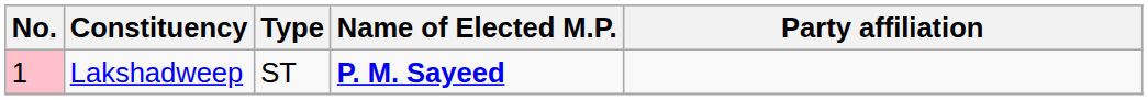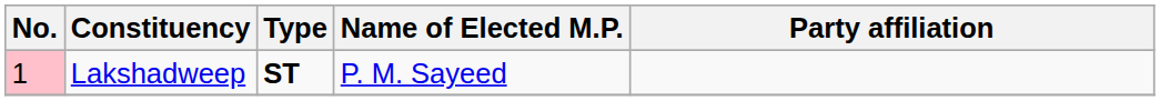 <table class="wikitable" style="font-size:95%;">
 <tr>
 <th>No.</th>
 <th>Constituency</th>
 <th>Type</th>
 <th>Name of Elected M.P.</th>
 <th colspan="2" style="width:18em">Party affiliation</th>
 </tr>
 <tr>
 <td style="background: pink;">1</td>
 <td><a href='#'>Lakshadweep</a></td>
-<td>ST</td>
-<td><strong><a href='#'>P. M. Sayeed</a></strong></td>
+<td><strong>ST</strong></td>
+<td><a href='#'>P. M. Sayeed</a></td>
 <td></td>
 </tr>
 <tr>
 </tr>
 </table>
